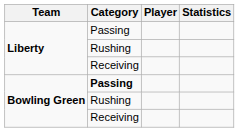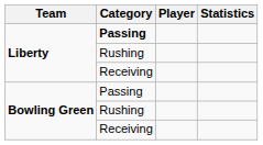 <table class="wikitable" style="float: right;">
 <tr>
 <th>Team</th>
 <th>Category</th>
 <th>Player</th>
 <th>Statistics</th>
 </tr>
 <tr>
 <td rowspan=3><strong>Liberty</strong></td>
-<td>Passing</td>
+<td><strong>Passing</strong></td>
 <td></td>
 <td></td>
 </tr>
 <tr>
 <td>Rushing</td>
 <td></td>
 <td></td>
 </tr>
 <tr>
 <td>Receiving</td>
 <td></td>
 <td></td>
 </tr>
 <tr>
 <td rowspan=3><strong>Bowling Green</strong></td>
-<td><strong>Passing</strong></td>
+<td>Passing</td>
 <td></td>
 <td></td>
 </tr>
 <tr>
 <td>Rushing</td>
 <td></td>
 <td></td>
 </tr>
 <tr>
 <td>Receiving</td>
 <td></td>
 <td></td>
 </tr>
 </table>
